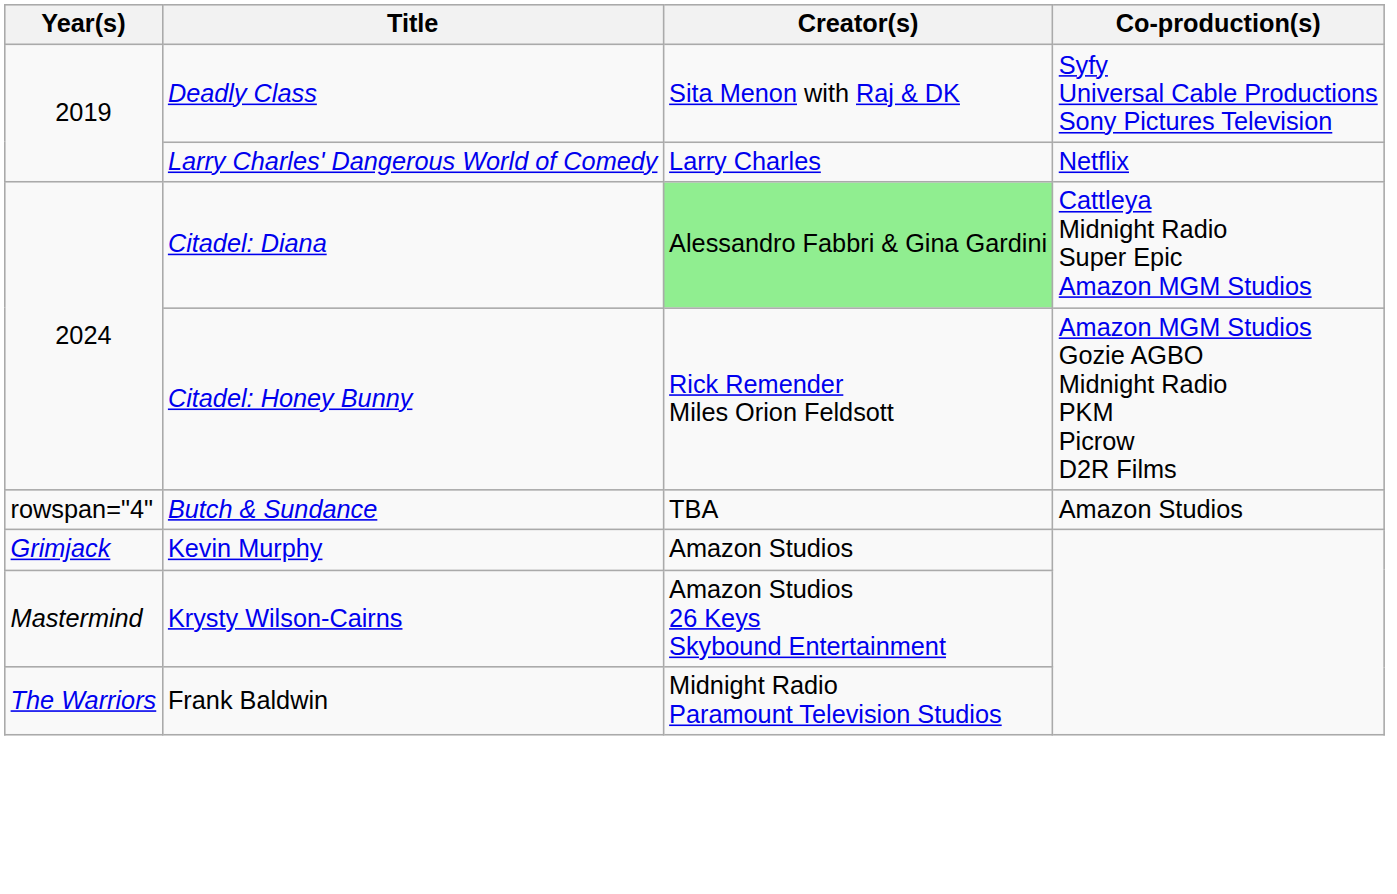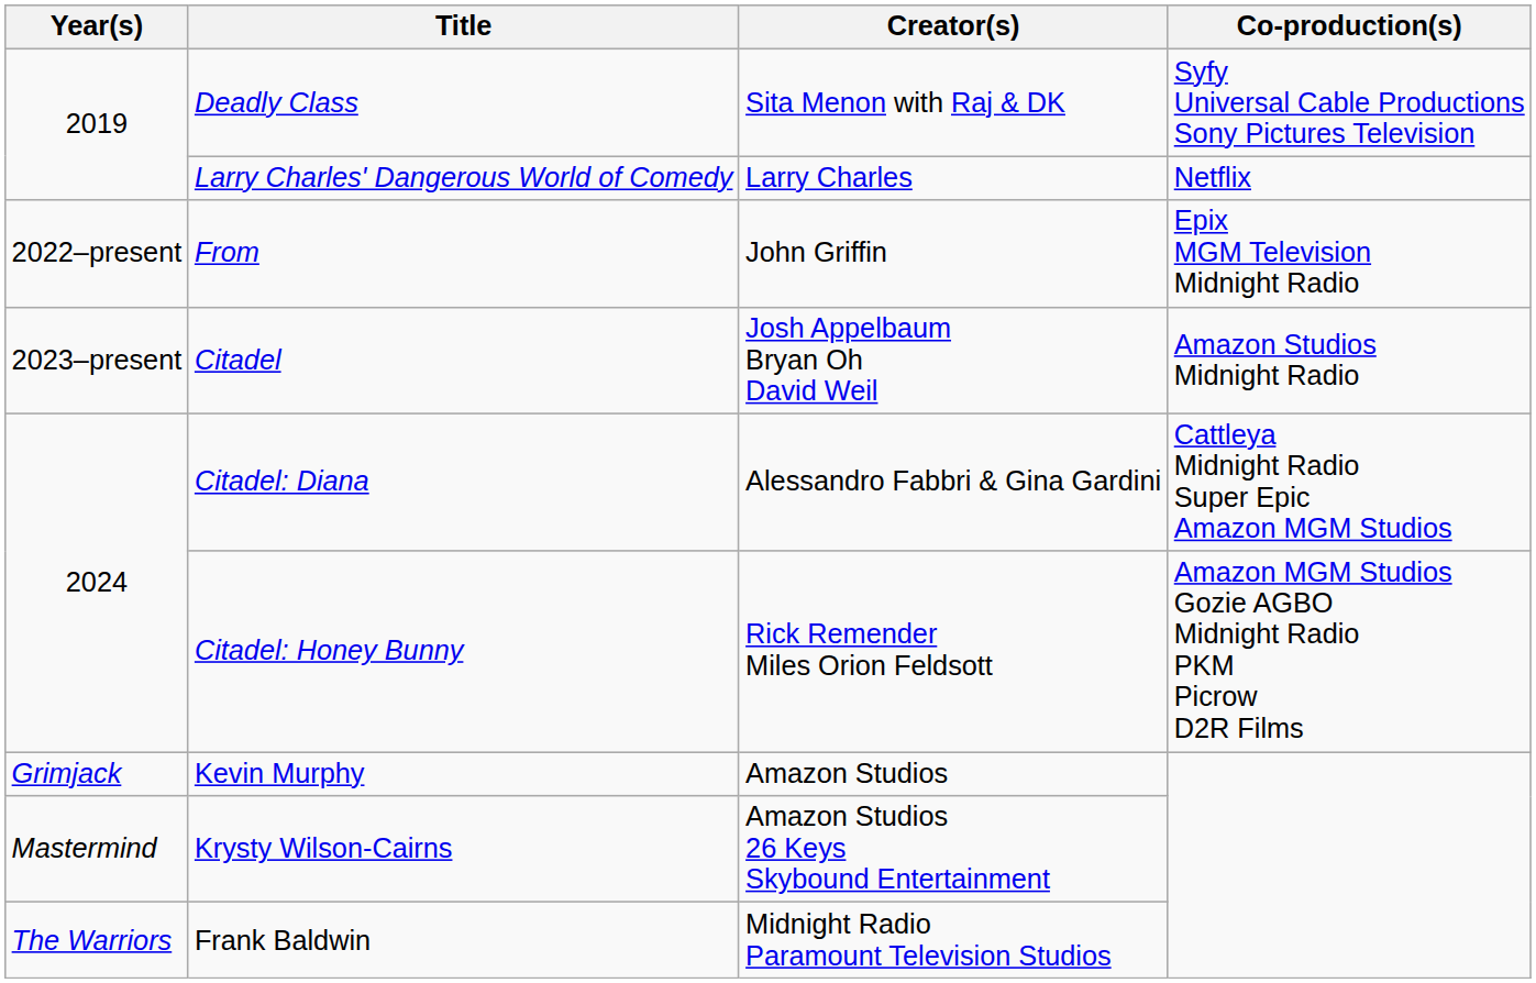 <table class="wikitable sortable">
 <tr>
 <th>Year(s)</th>
 <th>Title</th>
 <th>Creator(s)</th>
 <th>Co-production(s)</th>
 </tr>
 <tr>
 <td style="text-align:center;" rowspan="2">2019</td>
 <td><em><a href='#'>Deadly Class</a></em></td>
 <td><a href='#'>Sita Menon</a> with <a href='#'>Raj & DK</a></td>
 <td><a href='#'>Syfy</a><br><a href='#'>Universal Cable Productions</a><br><a href='#'>Sony Pictures Television</a></td>
 </tr>
 <tr>
 <td><em><a href='#'>Larry Charles' Dangerous World of Comedy</a></em></td>
 <td><a href='#'>Larry Charles</a></td>
 <td><a href='#'>Netflix</a></td>
 </tr>
 <tr>
+<td style="text-align:center;" rowspan="1">2022–present</td>
+<td><em><a href='#'>From</a></em></td>
+<td>John Griffin</td>
+<td><a href='#'>Epix</a><br><a href='#'>MGM Television</a><br>Midnight Radio</td>
+</tr>
+<tr>
+<td style="text-align:center;" rowspan="1">2023–present</td>
+<td><em><a href='#'>Citadel</a></em></td>
+<td><a href='#'>Josh Appelbaum</a><br>Bryan Oh<br><a href='#'>David Weil</a></td>
+<td><a href='#'>Amazon Studios</a><br>Midnight Radio</td>
+</tr>
+<tr>
 <td style="text-align:center;" rowspan="2">2024</td>
 <td><em><a href='#'>Citadel: Diana</a></em></td>
-<td style="background: lightgreen;">Alessandro Fabbri & Gina Gardini</td>
+<td>Alessandro Fabbri & Gina Gardini</td>
 <td><a href='#'>Cattleya</a><br>Midnight Radio<br>Super Epic<br><a href='#'>Amazon MGM Studios</a></td>
 </tr>
 <tr>
 <td><em><a href='#'>Citadel: Honey Bunny</a></em></td>
 <td><a href='#'>Rick Remender</a><br>Miles Orion Feldsott</td>
 <td><a href='#'>Amazon MGM Studios</a><br>Gozie AGBO<br>Midnight Radio<br>PKM<br>Picrow<br>D2R Films</td>
-</tr>
-<tr>
-<td>rowspan="4" </td>
-<td><em><a href='#'>Butch & Sundance</a></em></td>
-<td>TBA</td>
-<td>Amazon Studios</td>
 </tr>
 <tr>
 <td><em><a href='#'>Grimjack</a></em></td>
 <td><a href='#'>Kevin Murphy</a></td>
 <td>Amazon Studios</td>
 </tr>
 <tr>
 <td><em>Mastermind</em></td>
 <td><a href='#'>Krysty Wilson-Cairns</a></td>
 <td>Amazon Studios<br><a href='#'>26 Keys</a><br><a href='#'>Skybound Entertainment</a></td>
 </tr>
 <tr>
 <td><em><a href='#'>The Warriors</a></em></td>
 <td>Frank Baldwin</td>
 <td>Midnight Radio<br><a href='#'>Paramount Television Studios</a></td>
 </tr>
 </table>
